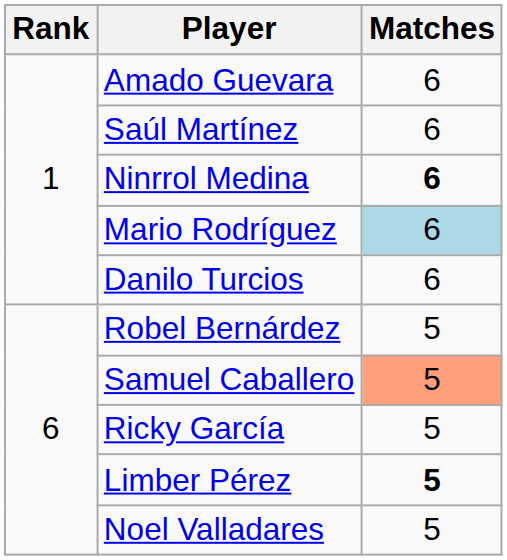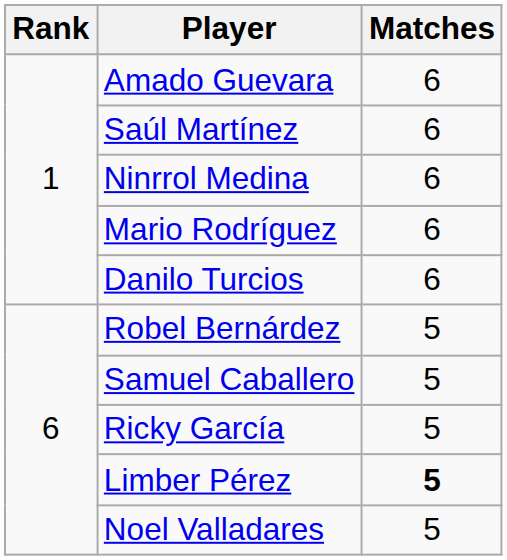 <table class="wikitable" style="text-align: left;">
 <tr>
 <th>Rank</th>
 <th>Player</th>
 <th>Matches</th>
 </tr>
 <tr>
 <td rowspan=5 align=center>1</td>
 <td><a href='#'>Amado Guevara</a></td>
 <td align=center>6</td>
 </tr>
 <tr>
 <td><a href='#'>Saúl Martínez</a></td>
 <td align=center>6</td>
 </tr>
 <tr>
 <td><a href='#'>Ninrrol Medina</a></td>
-<td align=center><strong>6</strong></td>
+<td align=center>6</td>
 </tr>
 <tr>
 <td><a href='#'>Mario Rodríguez</a></td>
-<td align=center style="background: lightblue;">6</td>
+<td align=center>6</td>
 </tr>
 <tr>
 <td><a href='#'>Danilo Turcios</a></td>
 <td align=center>6</td>
 </tr>
 <tr>
 <td rowspan=5 align=center>6</td>
 <td><a href='#'>Robel Bernárdez</a></td>
 <td align=center>5</td>
 </tr>
 <tr>
 <td><a href='#'>Samuel Caballero</a></td>
-<td align=center style="background: lightsalmon;">5</td>
+<td align=center>5</td>
 </tr>
 <tr>
 <td><a href='#'>Ricky García</a></td>
 <td align=center>5</td>
 </tr>
 <tr>
 <td><a href='#'>Limber Pérez</a></td>
 <td align=center><strong>5</strong></td>
 </tr>
 <tr>
 <td><a href='#'>Noel Valladares</a></td>
 <td align=center>5</td>
 </tr>
 </table>
